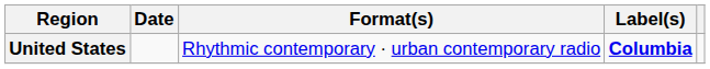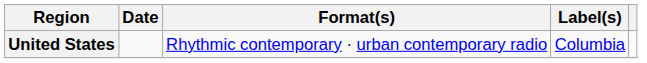 <table class="wikitable plainrowheaders" style="text-align:left">
 <tr>
 <th scope="col">Region</th>
 <th scope="col">Date</th>
 <th scope="col">Format(s)</th>
 <th scope="col">Label(s)</th>
 <th scope="col"></th>
 </tr>
 <tr>
 <th scope="row">United States</th>
 <td></td>
 <td><a href='#'>Rhythmic contemporary</a> · <a href='#'>urban contemporary radio</a></td>
-<td><strong><a href='#'>Columbia</a></strong></td>
+<td><a href='#'>Columbia</a></td>
 <td></td>
 </tr>
 <tr>
 </tr>
 </table>
